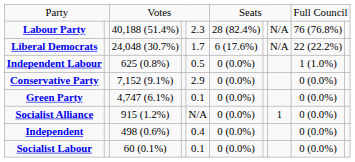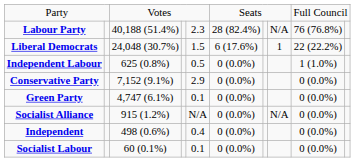 <table class=wikitable style="text-align:center;">
 <tr>
 <td colspan=2>Party</td>
 <td colspan=3>Votes</td>
 <td colspan=3>Seats</td>
 <td colspan=3>Full Council</td>
 </tr>
 <tr>
 <td><strong><a href='#'>Labour Party</a></strong></td>
 <td style="background:"></td>
 <td>40,188 (51.4%)</td>
 <td></td>
 <td> 2.3</td>
 <td>28 (82.4%)</td>
 <td></td>
 <td>N/A</td>
 <td>76 (76.8%)</td>
 <td></td>
 </tr>
 <tr>
 <td><strong><a href='#'>Liberal Democrats</a></strong></td>
 <td style="background:"></td>
 <td>24,048 (30.7%)</td>
 <td></td>
-<td> 1.7</td>
+<td> 1.5</td>
 <td>6 (17.6%)</td>
 <td></td>
-<td>N/A</td>
+<td> 1</td>
 <td>22 (22.2%)</td>
 <td></td>
 </tr>
 <tr>
 <td><strong><a href='#'>Independent Labour</a></strong></td>
 <td style="background:"></td>
 <td>625 (0.8%)</td>
 <td></td>
 <td> 0.5</td>
 <td>0 (0.0%)</td>
 <td></td>
 <td></td>
 <td>1 (1.0%)</td>
 <td></td>
 </tr>
 <tr>
 <td><strong><a href='#'>Conservative Party</a></strong></td>
 <td style="background:"></td>
 <td>7,152 (9.1%)</td>
 <td></td>
 <td> 2.9</td>
 <td>0 (0.0%)</td>
 <td></td>
 <td></td>
 <td>0 (0.0%)</td>
 <td></td>
 </tr>
 <tr>
 <td><strong><a href='#'>Green Party</a></strong></td>
 <td style="background:"></td>
 <td>4,747 (6.1%)</td>
 <td></td>
 <td> 0.1</td>
 <td>0 (0.0%)</td>
 <td></td>
 <td></td>
 <td>0 (0.0%)</td>
 <td></td>
 </tr>
 <tr>
 <td><strong><a href='#'>Socialist Alliance</a></strong></td>
 <td style="background:"></td>
 <td>915 (1.2%)</td>
 <td></td>
 <td>N/A</td>
 <td>0 (0.0%)</td>
 <td></td>
-<td> 1</td>
+<td>N/A</td>
 <td>0 (0.0%)</td>
 <td></td>
 </tr>
 <tr>
 <td><strong><a href='#'>Independent</a></strong></td>
 <td style="background:"></td>
 <td>498 (0.6%)</td>
 <td></td>
 <td> 0.4</td>
 <td>0 (0.0%)</td>
 <td></td>
 <td></td>
 <td>0 (0.0%)</td>
 <td></td>
 </tr>
 <tr>
 <td><strong><a href='#'>Socialist Labour</a></strong></td>
 <td style="background:"></td>
 <td>60 (0.1%)</td>
 <td></td>
 <td> 0.1</td>
 <td>0 (0.0%)</td>
 <td></td>
 <td></td>
 <td>0 (0.0%)</td>
 <td></td>
 </tr>
 </table>
